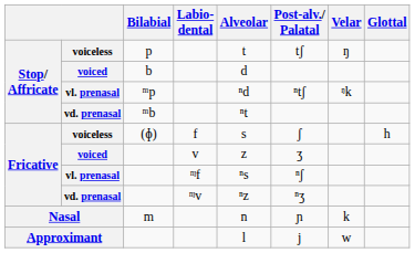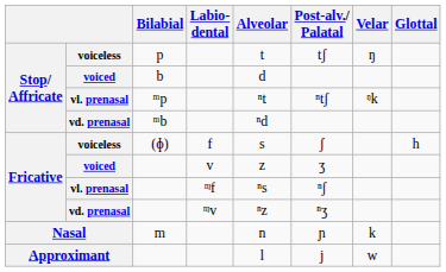 <table class="wikitable" style="text-align:center">
 <tr>
 <th colspan="2"></th>
 <th><a href='#'>Bilabial</a></th>
 <th><a href='#'>Labio-<br>dental</a></th>
 <th><a href='#'>Alveolar</a></th>
 <th><a href='#'>Post-alv.</a>/<br><a href='#'>Palatal</a></th>
 <th><a href='#'>Velar</a></th>
 <th><a href='#'>Glottal</a></th>
 </tr>
 <tr>
 <th rowspan="4"><a href='#'>Stop</a>/<br><a href='#'>Affricate</a></th>
 <th><small>voiceless</small></th>
 <td>p</td>
 <td></td>
 <td>t</td>
 <td>tʃ</td>
 <td>ŋ</td>
 <td></td>
 </tr>
 <tr>
 <th><a href='#'><small>voiced</small></a></th>
 <td>b</td>
 <td></td>
 <td>d</td>
 <td></td>
 <td></td>
 <td></td>
 </tr>
 <tr>
 <th><small>vl. <a href='#'>prenasal</a></small></th>
 <td>ᵐp</td>
 <td></td>
-<td>ⁿd</td>
+<td>ⁿt</td>
 <td>ⁿtʃ</td>
 <td>ᵑk</td>
 <td></td>
 </tr>
 <tr>
 <th><small>vd. <a href='#'>prenasal</a></small></th>
 <td>ᵐb</td>
 <td></td>
-<td>ⁿt</td>
+<td>ⁿd</td>
 <td></td>
 <td></td>
 <td></td>
 </tr>
 <tr>
 <th rowspan="4"><a href='#'>Fricative</a></th>
 <th><small>voiceless</small></th>
 <td>(ɸ)</td>
 <td>f</td>
 <td>s</td>
 <td>ʃ</td>
 <td></td>
 <td>h</td>
 </tr>
 <tr>
 <th><a href='#'><small>voiced</small></a></th>
 <td></td>
 <td>v</td>
 <td>z</td>
 <td>ʒ</td>
 <td></td>
 <td></td>
 </tr>
 <tr>
 <th><small>vl. <a href='#'>prenasal</a></small></th>
 <td></td>
 <td>ᶬf</td>
 <td>ⁿs</td>
 <td>ⁿʃ</td>
 <td></td>
 <td></td>
 </tr>
 <tr>
 <th><small>vd. <a href='#'>prenasal</a></small></th>
 <td></td>
 <td>ᶬv</td>
 <td>ⁿz</td>
 <td>ⁿʒ</td>
 <td></td>
 <td></td>
 </tr>
 <tr>
 <th colspan="2"><a href='#'>Nasal</a></th>
 <td>m</td>
 <td></td>
 <td>n</td>
 <td>ɲ</td>
 <td>k</td>
 <td></td>
 </tr>
 <tr>
 <th colspan="2"><a href='#'>Approximant</a></th>
 <td></td>
 <td></td>
 <td>l</td>
 <td>j</td>
 <td>w</td>
 <td></td>
 </tr>
 </table>
